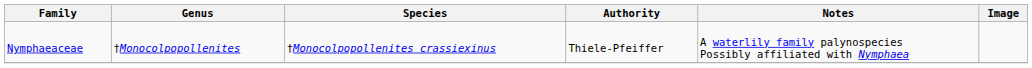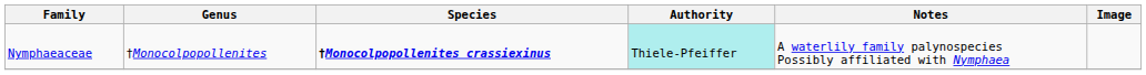 <table class="wikitable" align="center" width="100%">
 <tr>
 <th>Family</th>
 <th>Genus</th>
 <th>Species</th>
 <th>Authority</th>
 <th>Notes</th>
 <th>Image</th>
 </tr>
 <tr>
 <td><br><a href='#'>Nymphaeaceae</a></td>
 <td><br>†<em><a href='#'>Monocolpopollenites</a></em></td>
-<td><br>†<em><a href='#'>Monocolpopollenites crassiexinus</a></em></td>
-<td><br>Thiele-Pfeiffer</td>
+<td><strong><br>†<em><a href='#'>Monocolpopollenites crassiexinus</a></em></strong></td>
+<td style="background: paleturquoise;"><br>Thiele-Pfeiffer</td>
 <td><br>A <a href='#'>waterlily family</a> palynospecies<br> Possibly affiliated with <em><a href='#'>Nymphaea</a></em></td>
 <td></td>
 </tr>
 <tr>
 </tr>
 </table>
